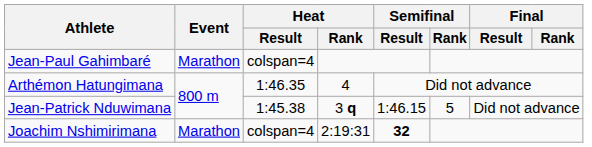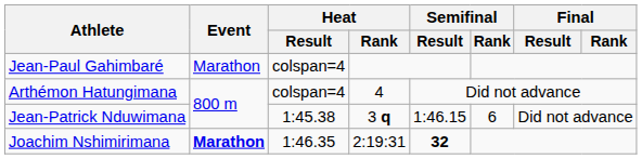 <table class=wikitable style="font-size:90%">
 <tr>
 <th rowspan="2">Athlete</th>
 <th rowspan="2">Event</th>
 <th colspan="2">Heat</th>
 <th colspan="2">Semifinal</th>
 <th colspan="2">Final</th>
 </tr>
 <tr style="font-size:95%">
 <th>Result</th>
 <th>Rank</th>
 <th>Result</th>
 <th>Rank</th>
 <th>Result</th>
 <th>Rank</th>
 </tr>
 <tr align=center>
 <td align=left><a href='#'>Jean-Paul Gahimbaré</a></td>
 <td align=left><a href='#'>Marathon</a></td>
 <td>colspan=4 </td>
 <td colspan=2></td>
 </tr>
 <tr align=center>
 <td align=left><a href='#'>Arthémon Hatungimana</a></td>
 <td align=left rowspan=2><a href='#'>800 m</a></td>
-<td>1:46.35</td>
+<td>colspan=4 </td>
 <td>4</td>
 <td colspan=4>Did not advance</td>
 </tr>
 <tr align=center>
 <td align=left><a href='#'>Jean-Patrick Nduwimana</a></td>
 <td>1:45.38</td>
 <td>3 <strong>q</strong></td>
 <td>1:46.15</td>
-<td>5</td>
+<td>6</td>
 <td colspan=2>Did not advance</td>
 </tr>
 <tr align=center>
 <td align=left><a href='#'>Joachim Nshimirimana</a></td>
-<td align=left><a href='#'>Marathon</a></td>
-<td>colspan=4 </td>
+<td align=left><strong><a href='#'>Marathon</a></strong></td>
+<td>1:46.35</td>
 <td>2:19:31</td>
 <td><strong>32</strong></td>
 </tr>
 </table>
